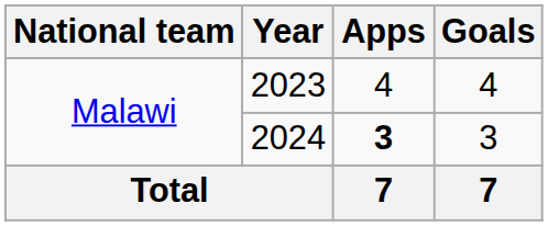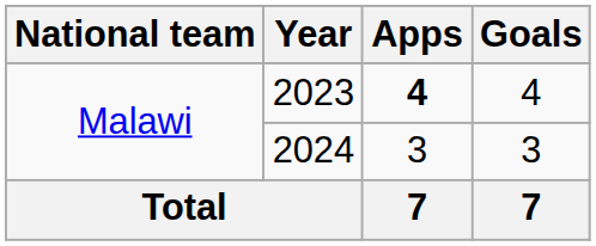 <table class="wikitable" style="text-align:center">
 <tr>
 <th>National team</th>
 <th>Year</th>
 <th>Apps</th>
 <th>Goals</th>
 </tr>
 <tr>
 <td rowspan=2><a href='#'>Malawi</a></td>
 <td>2023</td>
-<td>4</td>
+<td><strong>4</strong></td>
 <td>4</td>
 </tr>
 <tr>
 <td>2024</td>
-<td><strong>3</strong></td>
+<td>3</td>
 <td>3</td>
 </tr>
 <tr>
 <th colspan=2>Total</th>
 <th><strong>7</strong></th>
 <th><strong>7</strong></th>
 </tr>
 </table>
